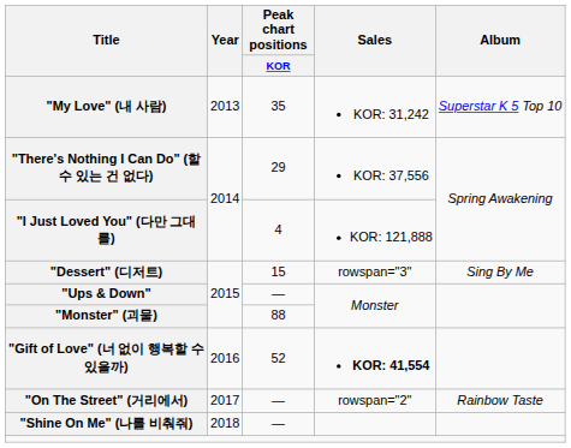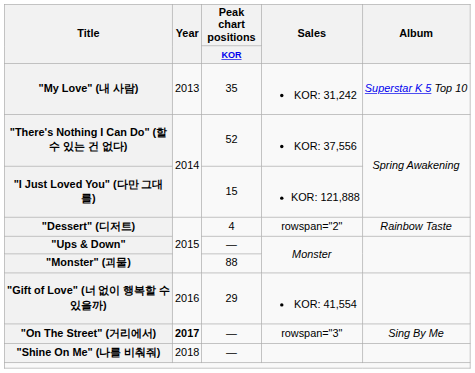 <table class="wikitable plainrowheaders" style="text-align:center;">
 <tr>
 <th scope="col" rowspan="2" style="width:15em;">Title</th>
 <th scope="col" rowspan="2">Year</th>
 <th scope="col" colspan="1" style="width:5em;">Peak chart positions</th>
 <th scope="col" rowspan="2">Sales</th>
 <th scope="col" rowspan="2">Album</th>
 </tr>
 <tr>
 <th><small><a href='#'>KOR</a></small><br></th>
 </tr>
 <tr>
 <th scope="row">"My Love" (내 사람)</th>
 <td>2013</td>
 <td>35</td>
 <td><br><ul><li>KOR: 31,242</li></ul></td>
 <td><em><a href='#'>Superstar K 5</a> Top 10</em></td>
 </tr>
 <tr>
 <th scope="row">"There's Nothing I Can Do" (할 수 있는 건 없다)</th>
 <td rowspan="2">2014</td>
-<td>29</td>
+<td>52</td>
 <td><br><ul><li>KOR: 37,556</li></ul></td>
 <td rowspan="2"><em>Spring Awakening</em></td>
 </tr>
 <tr>
 <th scope="row">"I Just Loved You" (다만 그대를)</th>
-<td>4</td>
+<td>15</td>
 <td><br><ul><li>KOR: 121,888</li></ul></td>
 </tr>
 <tr>
 <th scope="row">"Dessert" (디저트)</th>
 <td rowspan="3">2015</td>
-<td>15</td>
-<td>rowspan="3" </td>
-<td><em>Sing By Me</em></td>
+<td>4</td>
+<td>rowspan="2" </td>
+<td><em>Rainbow Taste</em></td>
 </tr>
 <tr>
 <th scope="row">"Ups & Down"</th>
 <td>—</td>
 <td rowspan="2"><em>Monster</em></td>
 </tr>
 <tr>
 <th scope="row">"Monster" (괴물)<br></th>
 <td>88</td>
 </tr>
 <tr>
 <th scope="row">"Gift of Love" (너 없이 행복할 수 있을까)</th>
 <td>2016</td>
-<td>52</td>
-<td><strong><br><ul><li>KOR: 41,554</li></ul></strong></td>
+<td>29</td>
+<td><br><ul><li>KOR: 41,554</li></ul></td>
 <td></td>
 </tr>
 <tr>
 <th scope="row">"On The Street" (거리에서)</th>
-<td>2017</td>
+<td><strong>2017</strong></td>
 <td>—</td>
-<td>rowspan="2" </td>
-<td><em>Rainbow Taste</em></td>
+<td>rowspan="3" </td>
+<td><em>Sing By Me</em></td>
 </tr>
 <tr>
 <th scope="row">"Shine On Me" (나를 비춰줘)</th>
 <td>2018</td>
 <td>—</td>
 <td></td>
 </tr>
 <tr>
 <td colspan="5"></td>
 </tr>
 </table>
